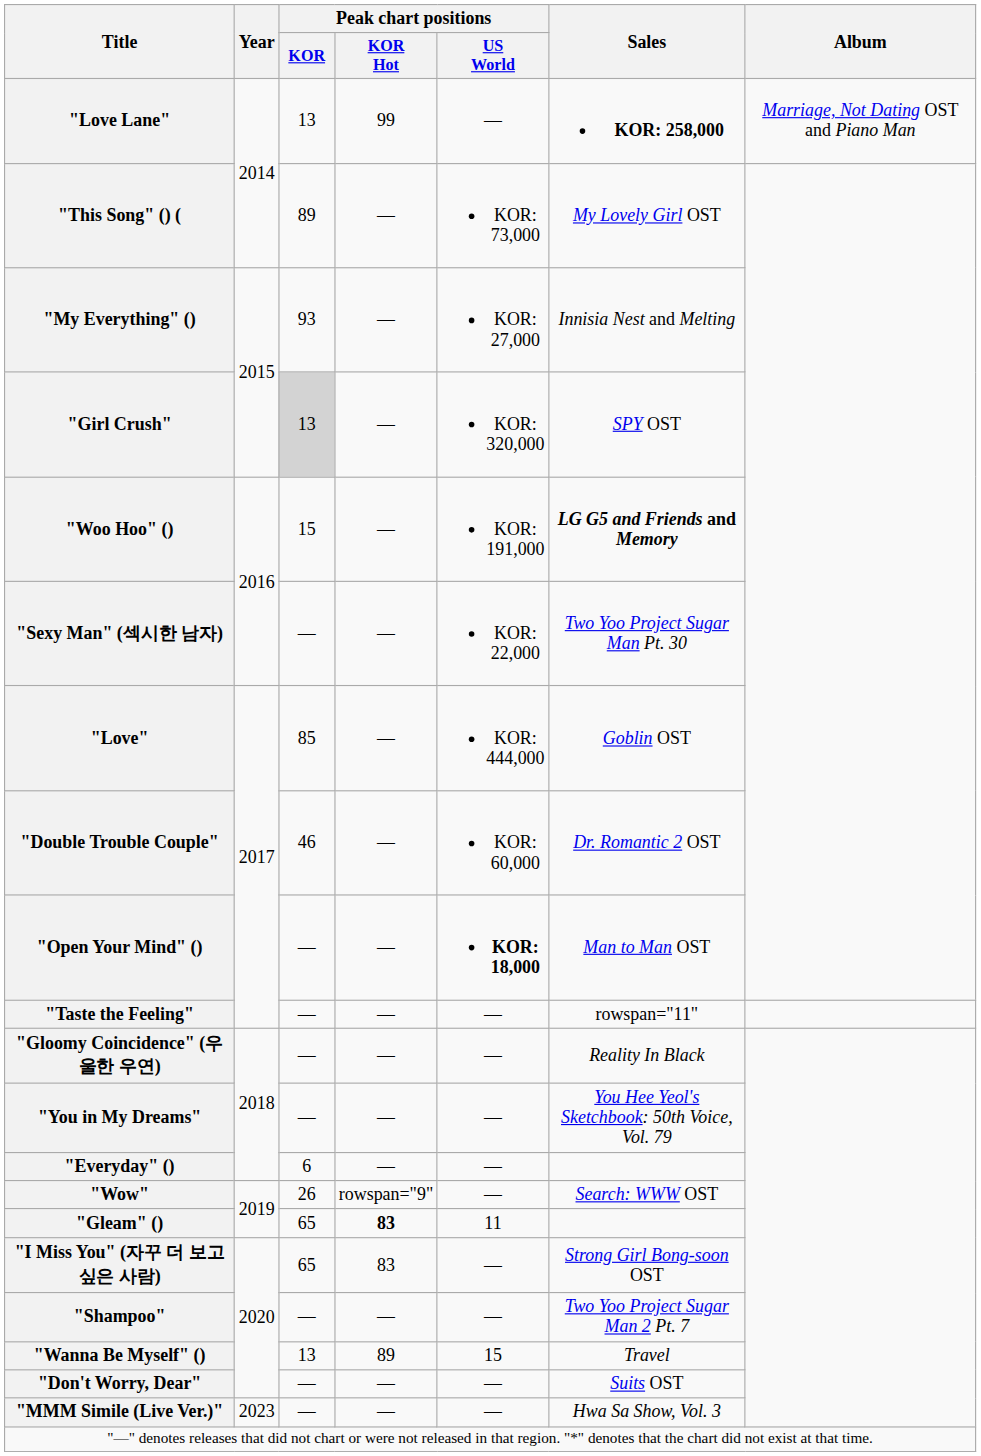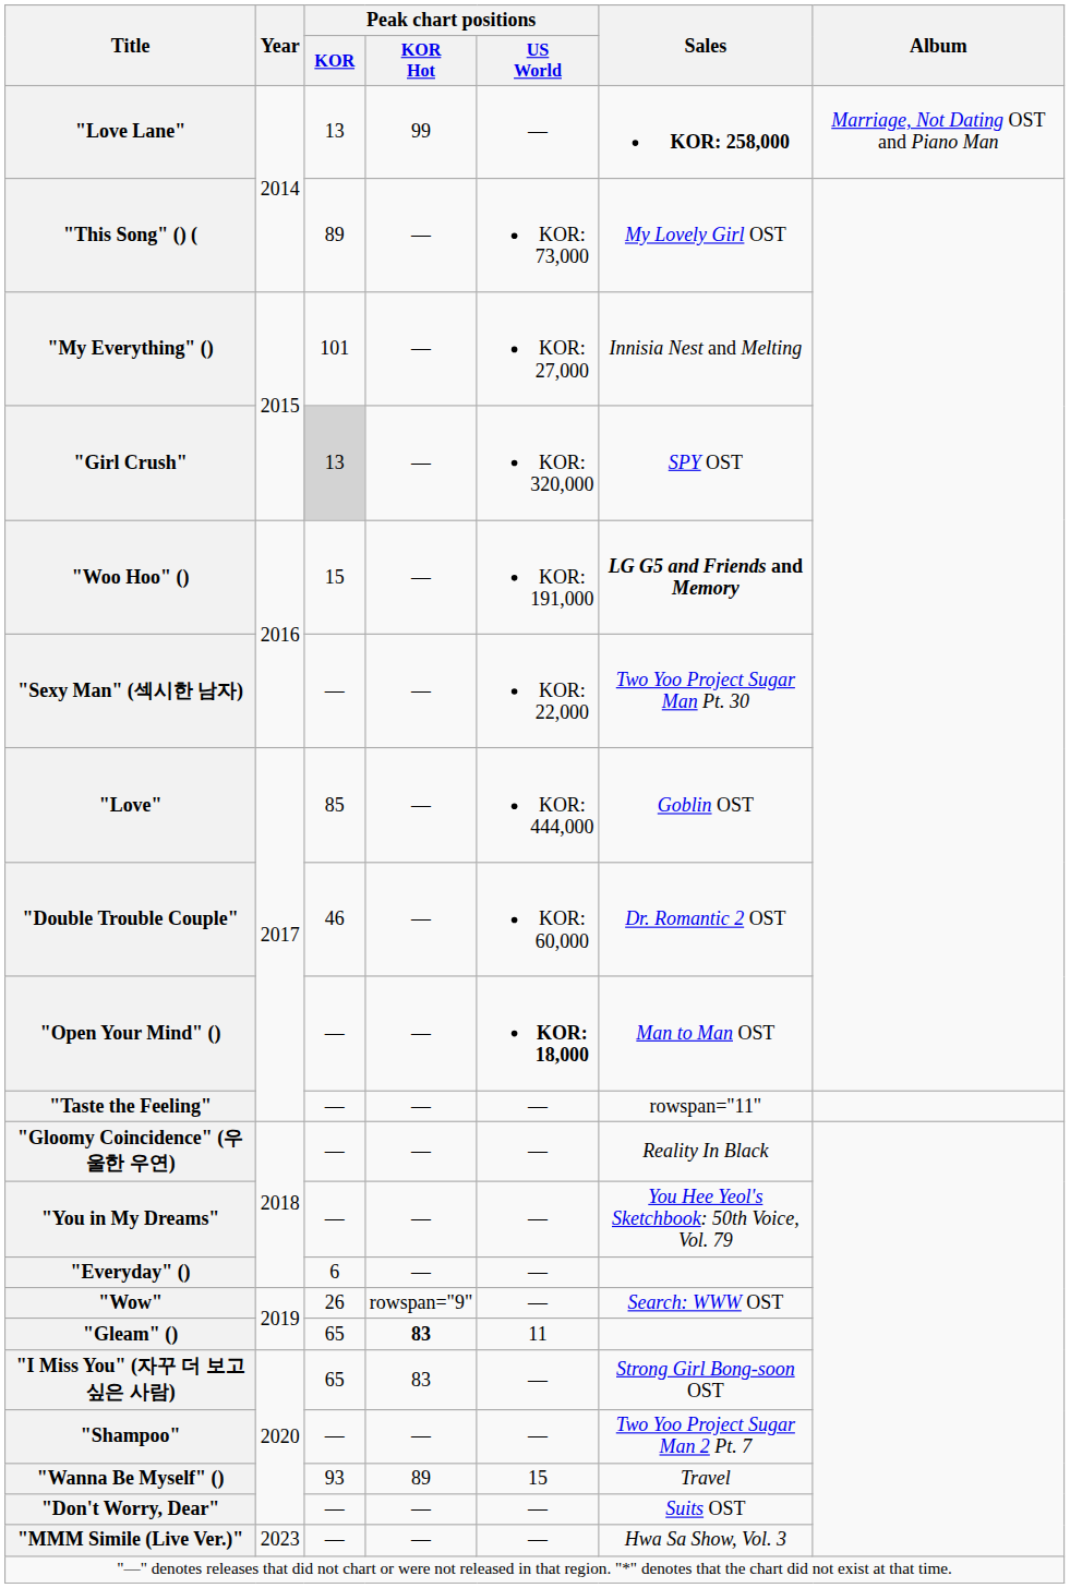 <table class="wikitable plainrowheaders" style="text-align:center;">
 <tr>
 <th rowspan="2" scope="col">Title</th>
 <th rowspan="2" scope="col">Year</th>
 <th colspan="3" scope="col">Peak chart positions</th>
 <th rowspan="2" scope="col" style="width:10.5em;">Sales<br></th>
 <th rowspan="2" scope="col">Album</th>
 </tr>
 <tr>
 <th scope="col" style="width:3em;font-size:90%;"><a href='#'>KOR</a><br></th>
 <th scope="col" style="width:3em;font-size:90%;"><a href='#'>KOR<br>Hot</a><br></th>
 <th scope="col" style="width:3em;font-size:90%;"><a href='#'>US<br>World</a><br></th>
 </tr>
 <tr>
 <th scope="row">"Love Lane"</th>
 <td rowspan="2">2014</td>
 <td>13</td>
 <td>99</td>
 <td>—</td>
 <td><strong><br><ul><li>KOR: 258,000</li></ul></strong></td>
 <td><em><a href='#'>Marriage, Not Dating</a></em> OST and <em>Piano Man</em></td>
 </tr>
 <tr>
 <th scope="row">"This Song" () (</th>
 <td>89</td>
 <td>—</td>
 <td><br><ul><li>KOR: 73,000</li></ul></td>
 <td><em><a href='#'>My Lovely Girl</a></em> OST</td>
 </tr>
 <tr>
 <th scope="row">"My Everything" ()</th>
 <td rowspan="2">2015</td>
-<td>93</td>
+<td>101</td>
 <td>—</td>
 <td><br><ul><li>KOR: 27,000</li></ul></td>
 <td><em>Innisia Nest</em> and <em>Melting</em></td>
 </tr>
 <tr>
 <th scope="row">"Girl Crush"</th>
 <td style="background: lightgrey;">13</td>
 <td>—</td>
 <td><br><ul><li>KOR: 320,000</li></ul></td>
 <td><em><a href='#'>SPY</a></em> OST</td>
 </tr>
 <tr>
 <th scope="row">"Woo Hoo" ()</th>
 <td rowspan="2">2016</td>
 <td>15</td>
 <td>—</td>
 <td><br><ul><li>KOR: 191,000</li></ul></td>
 <td><strong><em>LG G5 and Friends</em> and <em>Memory</em></strong></td>
 </tr>
 <tr>
 <th scope="row">"Sexy Man" (섹시한 남자)</th>
 <td>—</td>
 <td>—</td>
 <td><br><ul><li>KOR: 22,000</li></ul></td>
 <td><em><a href='#'>Two Yoo Project Sugar Man</a> Pt. 30</em></td>
 </tr>
 <tr>
 <th scope="row">"Love"</th>
 <td rowspan="4">2017</td>
 <td>85</td>
 <td>—</td>
 <td><br><ul><li>KOR: 444,000</li></ul></td>
 <td><em><a href='#'>Goblin</a></em> OST</td>
 </tr>
 <tr>
 <th scope="row">"Double Trouble Couple"</th>
 <td>46</td>
 <td>—</td>
 <td><br><ul><li>KOR: 60,000</li></ul></td>
 <td><em><a href='#'>Dr. Romantic 2</a></em> OST</td>
 </tr>
 <tr>
 <th scope="row">"Open Your Mind" ()</th>
 <td>—</td>
 <td>—</td>
 <td><strong><br><ul><li>KOR: 18,000</li></ul></strong></td>
 <td><em><a href='#'>Man to Man</a></em> OST</td>
 </tr>
 <tr>
 <th scope="row">"Taste the Feeling"</th>
 <td>—</td>
 <td>—</td>
 <td>—</td>
 <td>rowspan="11" </td>
 <td></td>
 </tr>
 <tr>
 <th scope="row">"Gloomy Coincidence" (우울한 우연)</th>
 <td rowspan="3">2018</td>
 <td>—</td>
 <td>—</td>
 <td>—</td>
 <td><em>Reality In Black</em></td>
 </tr>
 <tr>
 <th scope="row">"You in My Dreams"</th>
 <td>—</td>
 <td>—</td>
 <td>—</td>
 <td><em><a href='#'>You Hee Yeol's Sketchbook</a>: 50th Voice, Vol. 79</em></td>
 </tr>
 <tr>
 <th scope="row">"Everyday" ()</th>
 <td>6</td>
 <td>—</td>
 <td>—</td>
 <td></td>
 </tr>
 <tr>
 <th scope="row">"Wow"</th>
 <td rowspan="2">2019</td>
 <td>26</td>
 <td>rowspan="9" </td>
 <td>—</td>
 <td><em><a href='#'>Search: WWW</a></em> OST</td>
 </tr>
 <tr>
 <th scope="row">"Gleam" ()</th>
 <td>65</td>
 <td><strong>83</strong></td>
 <td>11</td>
 <td></td>
 </tr>
 <tr>
 <th scope="row">"I Miss You" (자꾸 더 보고싶은 사람)</th>
 <td rowspan="4">2020</td>
 <td>65</td>
 <td>83</td>
 <td>—</td>
 <td><em><a href='#'>Strong Girl Bong-soon</a></em> OST</td>
 </tr>
 <tr>
 <th scope="row">"Shampoo"</th>
 <td>—</td>
 <td>—</td>
 <td>—</td>
 <td><em><a href='#'>Two Yoo Project Sugar Man 2</a> Pt. 7</em></td>
 </tr>
 <tr>
 <th scope="row">"Wanna Be Myself" ()</th>
-<td>13</td>
+<td>93</td>
 <td>89</td>
 <td>15</td>
 <td><em>Travel</em></td>
 </tr>
 <tr>
 <th scope="row">"Don't Worry, Dear"<br></th>
 <td>—</td>
 <td>—</td>
 <td>—</td>
 <td><em><a href='#'>Suits</a></em> OST</td>
 </tr>
 <tr>
 <th scope="row">"MMM Simile (Live Ver.)"</th>
 <td>2023</td>
 <td>—</td>
 <td>—</td>
 <td>—</td>
 <td><em>Hwa Sa Show, Vol. 3</em></td>
 </tr>
 <tr>
 <td colspan="7" style="font-size:85%">"—" denotes releases that did not chart or were not released in that region. "*" denotes that the chart did not exist at that time.</td>
 </tr>
 </table>
